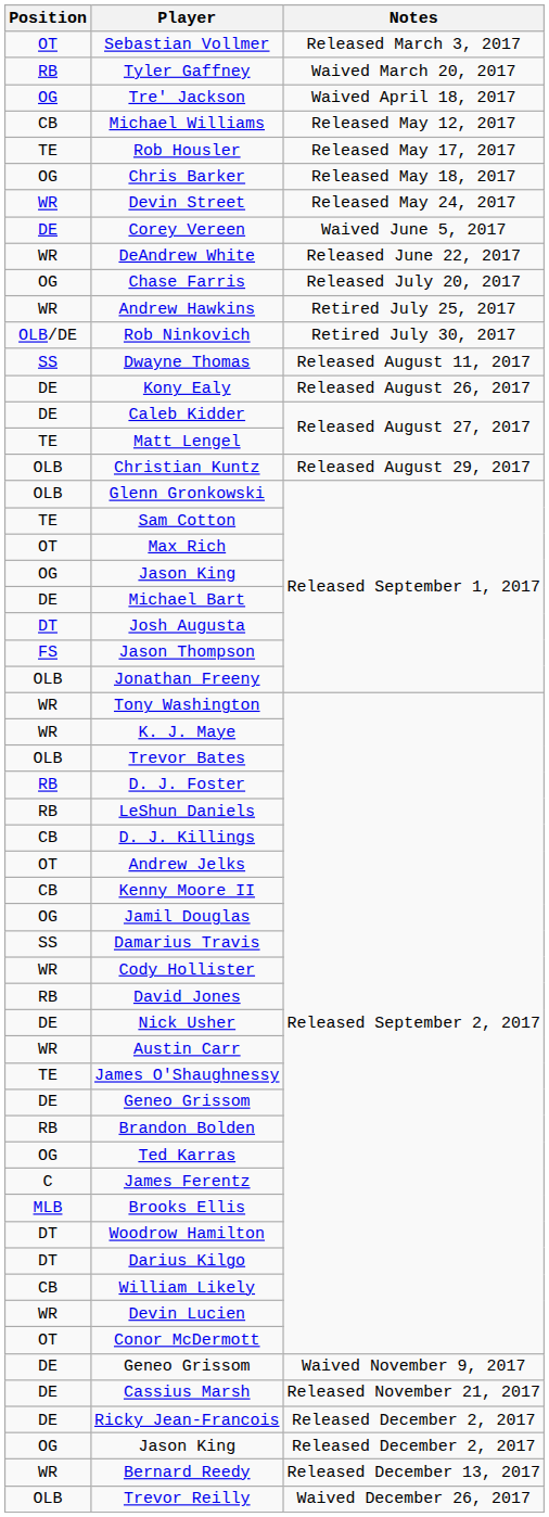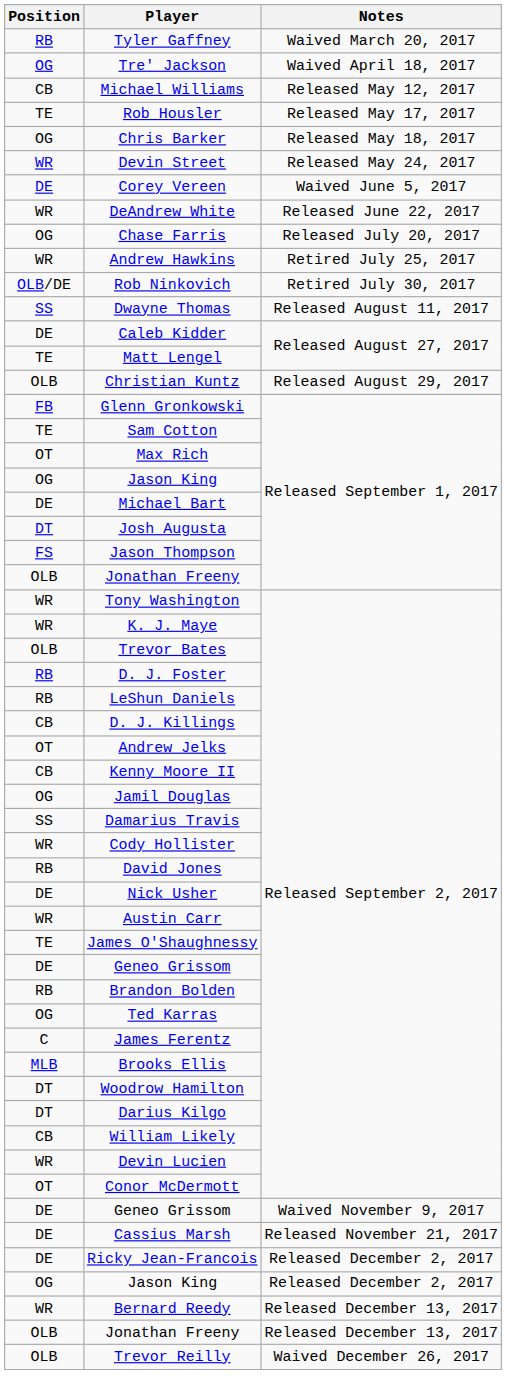 <table class="wikitable" style="text-align:center">
 <tr>
 <th>Position</th>
 <th>Player</th>
 <th>Notes</th>
-</tr>
-<tr>
-<td><a href='#'>OT</a></td>
-<td><a href='#'>Sebastian Vollmer</a></td>
-<td>Released March 3, 2017</td>
 </tr>
 <tr>
 <td><a href='#'>RB</a></td>
 <td><a href='#'>Tyler Gaffney</a></td>
 <td>Waived March 20, 2017</td>
 </tr>
 <tr>
 <td><a href='#'>OG</a></td>
 <td><a href='#'>Tre' Jackson</a></td>
 <td>Waived April 18, 2017</td>
 </tr>
 <tr>
 <td>CB</td>
 <td><a href='#'>Michael Williams</a></td>
 <td>Released May 12, 2017</td>
 </tr>
 <tr>
 <td>TE</td>
 <td><a href='#'>Rob Housler</a></td>
 <td>Released May 17, 2017</td>
 </tr>
 <tr>
 <td>OG</td>
 <td><a href='#'>Chris Barker</a></td>
 <td>Released May 18, 2017</td>
 </tr>
 <tr>
 <td><a href='#'>WR</a></td>
 <td><a href='#'>Devin Street</a></td>
 <td>Released May 24, 2017</td>
 </tr>
 <tr>
 <td><a href='#'>DE</a></td>
 <td><a href='#'>Corey Vereen</a></td>
 <td>Waived June 5, 2017</td>
 </tr>
 <tr>
 <td>WR</td>
 <td><a href='#'>DeAndrew White</a></td>
 <td>Released June 22, 2017</td>
 </tr>
 <tr>
 <td>OG</td>
 <td><a href='#'>Chase Farris</a></td>
 <td>Released July 20, 2017</td>
 </tr>
 <tr>
 <td>WR</td>
 <td><a href='#'>Andrew Hawkins</a></td>
 <td>Retired July 25, 2017</td>
 </tr>
 <tr>
 <td><a href='#'>OLB</a>/DE</td>
 <td><a href='#'>Rob Ninkovich</a></td>
 <td>Retired July 30, 2017</td>
 </tr>
 <tr>
 <td><a href='#'>SS</a></td>
 <td><a href='#'>Dwayne Thomas</a></td>
 <td>Released August 11, 2017</td>
 </tr>
 <tr>
 <td>DE</td>
-<td><a href='#'>Kony Ealy</a></td>
-<td>Released August 26, 2017</td>
-</tr>
-<tr>
-<td>DE</td>
 <td><a href='#'>Caleb Kidder</a></td>
 <td rowspan="2">Released August 27, 2017</td>
 </tr>
 <tr>
 <td>TE</td>
 <td><a href='#'>Matt Lengel</a></td>
 </tr>
 <tr>
 <td>OLB</td>
 <td><a href='#'>Christian Kuntz</a></td>
 <td>Released August 29, 2017</td>
 </tr>
 <tr>
-<td>OLB</td>
+<td><a href='#'>FB</a></td>
 <td><a href='#'>Glenn Gronkowski</a></td>
 <td rowspan="8">Released September 1, 2017</td>
 </tr>
 <tr>
 <td>TE</td>
 <td><a href='#'>Sam Cotton</a></td>
 </tr>
 <tr>
 <td>OT</td>
 <td><a href='#'>Max Rich</a></td>
 </tr>
 <tr>
 <td>OG</td>
 <td><a href='#'>Jason King</a></td>
 </tr>
 <tr>
 <td>DE</td>
 <td><a href='#'>Michael Bart</a></td>
 </tr>
 <tr>
 <td><a href='#'>DT</a></td>
 <td><a href='#'>Josh Augusta</a></td>
 </tr>
 <tr>
 <td><a href='#'>FS</a></td>
 <td><a href='#'>Jason Thompson</a></td>
 </tr>
 <tr>
 <td>OLB</td>
 <td><a href='#'>Jonathan Freeny</a></td>
 </tr>
 <tr>
 <td>WR</td>
 <td><a href='#'>Tony Washington</a></td>
 <td rowspan="25">Released September 2, 2017</td>
 </tr>
 <tr>
 <td>WR</td>
 <td><a href='#'>K. J. Maye</a></td>
 </tr>
 <tr>
 <td>OLB</td>
 <td><a href='#'>Trevor Bates</a></td>
 </tr>
 <tr>
 <td><a href='#'>RB</a></td>
 <td><a href='#'>D. J. Foster</a></td>
 </tr>
 <tr>
 <td>RB</td>
 <td><a href='#'>LeShun Daniels</a></td>
 </tr>
 <tr>
 <td>CB</td>
 <td><a href='#'>D. J. Killings</a></td>
 </tr>
 <tr>
 <td>OT</td>
 <td><a href='#'>Andrew Jelks</a></td>
 </tr>
 <tr>
 <td>CB</td>
 <td><a href='#'>Kenny Moore II</a></td>
 </tr>
 <tr>
 <td>OG</td>
 <td><a href='#'>Jamil Douglas</a></td>
 </tr>
 <tr>
 <td>SS</td>
 <td><a href='#'>Damarius Travis</a></td>
 </tr>
 <tr>
 <td>WR</td>
 <td><a href='#'>Cody Hollister</a></td>
 </tr>
 <tr>
 <td>RB</td>
 <td><a href='#'>David Jones</a></td>
 </tr>
 <tr>
 <td>DE</td>
 <td><a href='#'>Nick Usher</a></td>
 </tr>
 <tr>
 <td>WR</td>
 <td><a href='#'>Austin Carr</a></td>
 </tr>
 <tr>
 <td>TE</td>
 <td><a href='#'>James O'Shaughnessy</a></td>
 </tr>
 <tr>
 <td>DE</td>
 <td><a href='#'>Geneo Grissom</a></td>
 </tr>
 <tr>
 <td>RB</td>
 <td><a href='#'>Brandon Bolden</a></td>
 </tr>
 <tr>
 <td>OG</td>
 <td><a href='#'>Ted Karras</a></td>
 </tr>
 <tr>
 <td>C</td>
 <td><a href='#'>James Ferentz</a></td>
 </tr>
 <tr>
 <td><a href='#'>MLB</a></td>
 <td><a href='#'>Brooks Ellis</a></td>
 </tr>
 <tr>
 <td>DT</td>
 <td><a href='#'>Woodrow Hamilton</a></td>
 </tr>
 <tr>
 <td>DT</td>
 <td><a href='#'>Darius Kilgo</a></td>
 </tr>
 <tr>
 <td>CB</td>
 <td><a href='#'>William Likely</a></td>
 </tr>
 <tr>
 <td>WR</td>
 <td><a href='#'>Devin Lucien</a></td>
 </tr>
 <tr>
 <td>OT</td>
 <td><a href='#'>Conor McDermott</a></td>
 </tr>
 <tr>
 <td>DE</td>
 <td>Geneo Grissom</td>
 <td>Waived November 9, 2017</td>
 </tr>
 <tr>
 <td>DE</td>
 <td><a href='#'>Cassius Marsh</a></td>
 <td>Released November 21, 2017</td>
 </tr>
 <tr>
 <td>DE</td>
 <td><a href='#'>Ricky Jean-Francois</a></td>
 <td>Released December 2, 2017</td>
 </tr>
 <tr>
 <td>OG</td>
 <td>Jason King</td>
 <td>Released December 2, 2017</td>
 </tr>
 <tr>
 <td>WR</td>
 <td><a href='#'>Bernard Reedy</a></td>
 <td>Released December 13, 2017</td>
 </tr>
 <tr>
 <td>OLB</td>
+<td>Jonathan Freeny</td>
+<td>Released December 13, 2017</td>
+</tr>
+<tr>
+<td>OLB</td>
 <td><a href='#'>Trevor Reilly</a></td>
 <td>Waived December 26, 2017</td>
 </tr>
 <tr>
 </tr>
 </table>
